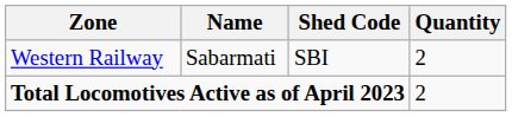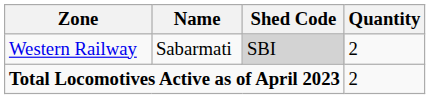 <table class="wikitable">
 <tr>
 <th>Zone</th>
 <th>Name</th>
 <th>Shed Code</th>
 <th>Quantity</th>
 </tr>
 <tr>
 <td><a href='#'>Western Railway</a></td>
 <td>Sabarmati</td>
-<td>SBI</td>
+<td style="background: lightgrey;">SBI</td>
 <td>2</td>
 </tr>
 <tr>
 <td colspan="3"><strong>Total Locomotives Active as of April 2023</strong></td>
 <td>2</td>
 </tr>
 </table>
